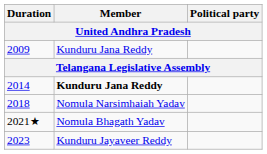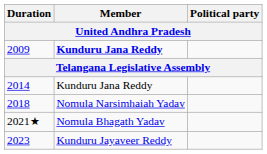 <table class="wikitable">
 <tr>
 <th>Duration</th>
 <th>Member</th>
 <th colspan="2">Political party</th>
 </tr>
 <tr>
 <th colspan=4><a href='#'>United Andhra Pradesh</a></th>
 </tr>
 <tr>
 <td><a href='#'>2009</a></td>
-<td><a href='#'>Kunduru Jana Reddy</a></td>
+<td><strong><a href='#'>Kunduru Jana Reddy</a></strong></td>
 <td></td>
 </tr>
 <tr>
 <th colspan=4><a href='#'>Telangana Legislative Assembly</a></th>
 </tr>
 <tr>
 <td><a href='#'>2014</a></td>
-<td><strong>Kunduru Jana Reddy</strong></td>
+<td>Kunduru Jana Reddy</td>
 <td></td>
 </tr>
 <tr>
 <td><a href='#'>2018</a></td>
 <td><a href='#'>Nomula Narsimhaiah Yadav</a></td>
 <td></td>
 </tr>
 <tr>
 <td>2021★</td>
 <td><a href='#'>Nomula Bhagath Yadav</a></td>
 </tr>
 <tr>
 <td><a href='#'>2023</a></td>
 <td><a href='#'>Kunduru Jayaveer Reddy</a></td>
 <td></td>
 </tr>
 </table>
